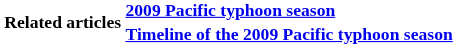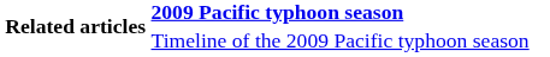 <table>
 <tr>
 <td rowspan=4><strong>Related articles</strong></td>
 <td><strong><a href='#'>2009 Pacific typhoon season</a></strong></td>
 </tr>
 <tr>
-<td><strong><a href='#'>Timeline of the 2009 Pacific typhoon season</a></strong></td>
+<td><a href='#'>Timeline of the 2009 Pacific typhoon season</a></td>
 </tr>
 </table>
